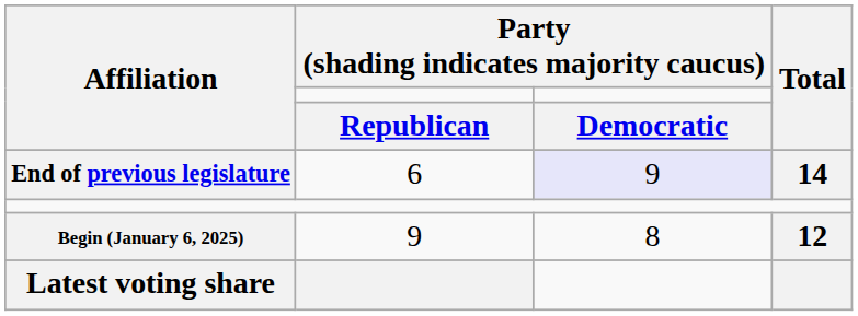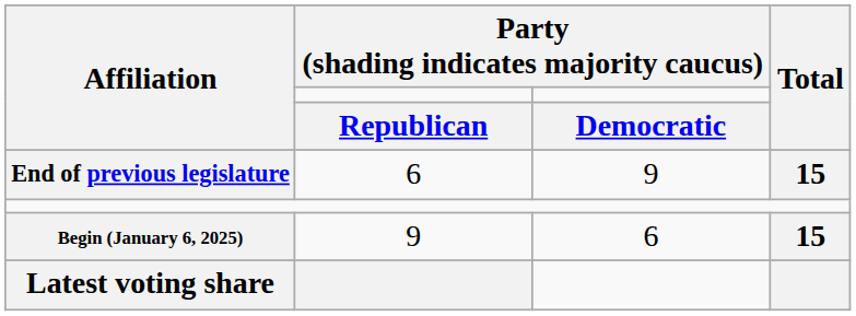 <table class="wikitable" style="text-align:center">
 <tr>
 <th rowspan="3">Affiliation</th>
 <th colspan="2">Party<div>(shading indicates majority caucus)</div></th>
 <th rowspan="3">Total</th>
 </tr>
 <tr style="height:5px">
 <td style="background-color:"></td>
 <td style="background-color:"></td>
 </tr>
 <tr>
 <th><a href='#'>Republican</a></th>
 <th><a href='#'>Democratic</a></th>
 </tr>
 <tr>
 <th style="font-size:80%">End of <a href='#'>previous legislature</a></th>
 <td>6</td>
-<td style="background: lavender;">9</td>
-<th>14</th>
+<td>9</td>
+<th>15</th>
 </tr>
 <tr>
 <td colspan="8"></td>
 </tr>
 <tr>
 <th style="font-size:60%">Begin (January 6, 2025)</th>
 <td>9</td>
-<td>8</td>
-<th>12</th>
+<td>6</td>
+<th>15</th>
 </tr>
 <tr>
 <th>Latest voting share</th>
 <th></th>
 <td></td>
 <th colspan="1"></th>
 </tr>
 </table>
